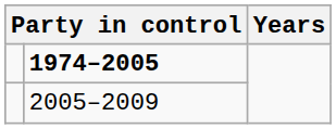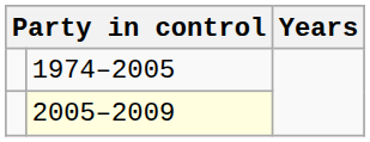 <table class="wikitable">
 <tr>
 <th colspan=2>Party in control</th>
 <th>Years</th>
 </tr>
 <tr>
 <td></td>
-<td><strong>1974–2005</strong></td>
+<td>1974–2005</td>
 </tr>
 <tr>
 <td></td>
-<td>2005–2009</td>
+<td style="background: lightyellow;">2005–2009</td>
 </tr>
 </table>
